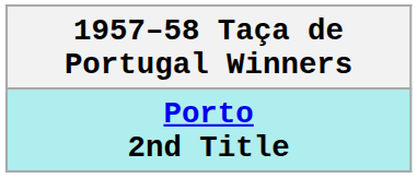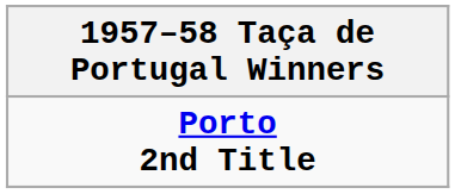 <table class="wikitable" style="text-align: center; margin: 0 auto; width: 20%">
 <tr>
 <th>1957–58 Taça de Portugal Winners</th>
 </tr>
 <tr>
-<td style="background: paleturquoise;"><strong><a href='#'>Porto</a></strong><br><strong>2nd Title</strong></td>
+<td><strong><a href='#'>Porto</a></strong><br><strong>2nd Title</strong></td>
 </tr>
 </table>
